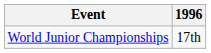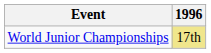 <table class="wikitable" style="text-align:center">
 <tr>
 <th>Event</th>
 <th>1996</th>
 </tr>
 <tr>
 <td align=left><a href='#'>World Junior Championships</a></td>
-<td>17th</td>
+<td style="background: khaki;">17th</td>
 </tr>
 </table>
